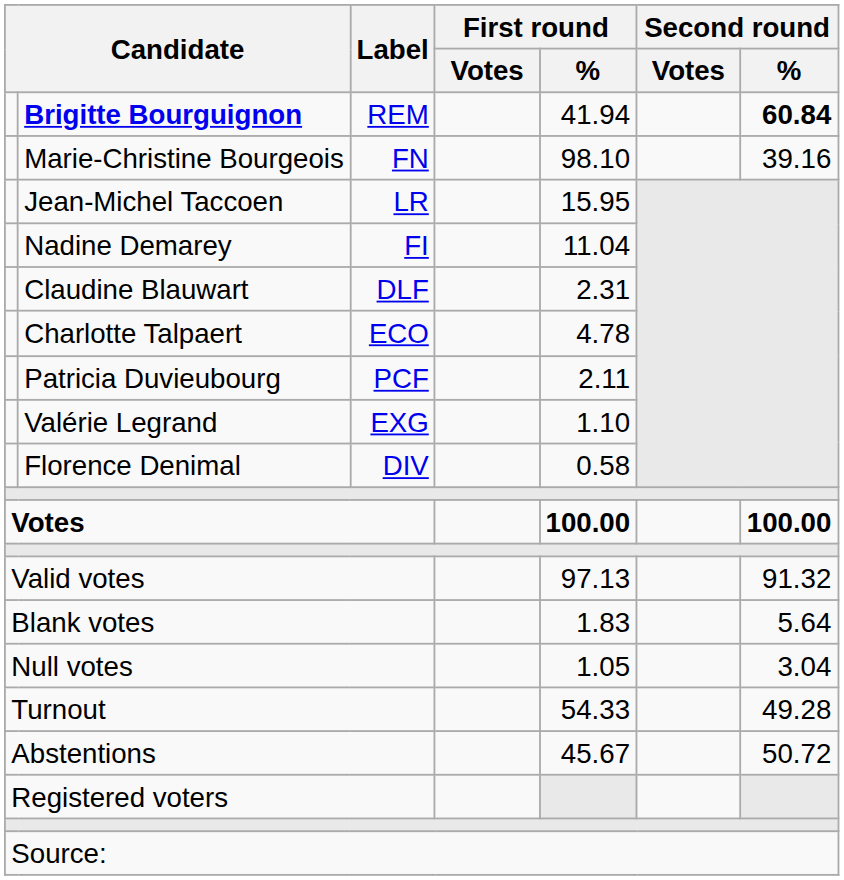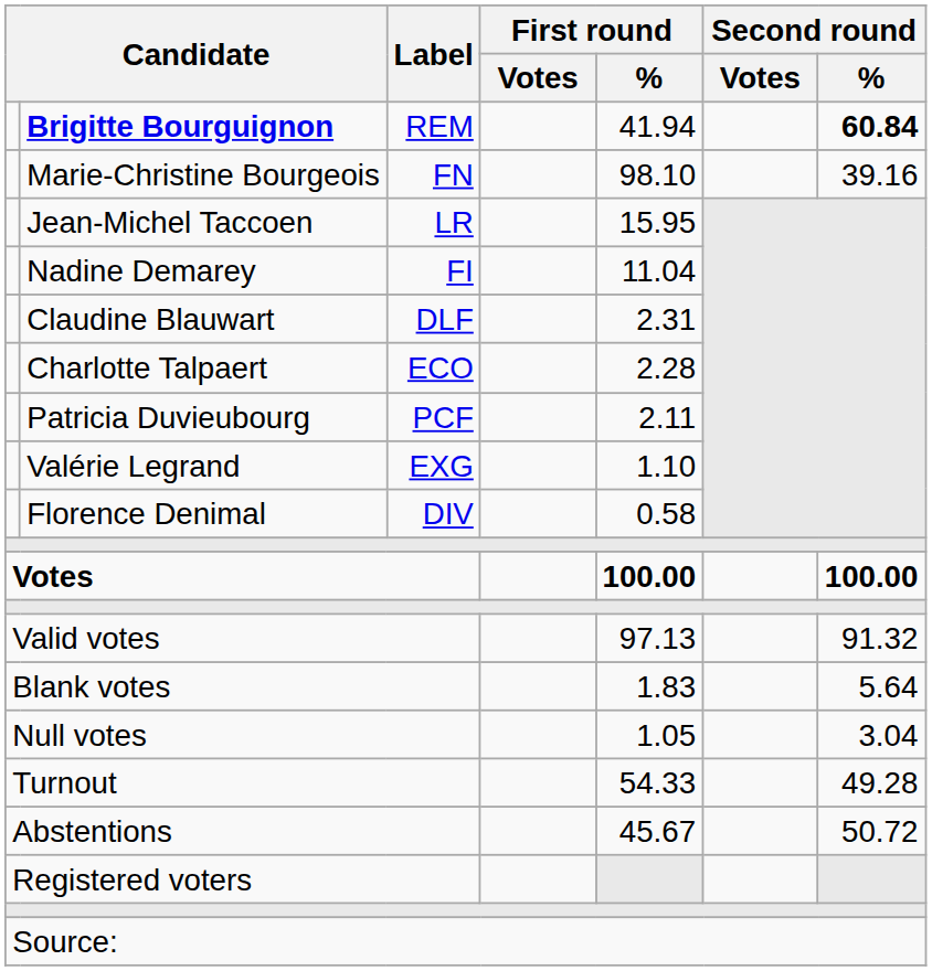 <table class="wikitable" style="text-align:right;font-size:95%;">
 <tr>
 <th rowspan="2" colspan="2">Candidate</th>
 <th rowspan="2">Label</th>
 <th colspan="2">First round</th>
 <th colspan="2">Second round</th>
 </tr>
 <tr>
 <th style="width:50px;">Votes</th>
 <th style="width:45px;">%</th>
 <th style="width:50px;">Votes</th>
 <th style="width:45px;">%</th>
 </tr>
 <tr>
 <td style="color:inherit;background:"></td>
 <td style="text-align:left;"><strong><a href='#'>Brigitte Bourguignon</a></strong></td>
 <td><a href='#'>REM</a></td>
 <td></td>
 <td>41.94</td>
 <td><strong></strong></td>
 <td><strong>60.84</strong></td>
 </tr>
 <tr>
 <td style="color:inherit;background:"></td>
 <td style="text-align:left;">Marie-Christine Bourgeois</td>
 <td><a href='#'>FN</a></td>
 <td></td>
 <td>98.10</td>
 <td></td>
 <td>39.16</td>
 </tr>
 <tr>
 <td style="color:inherit;background:"></td>
 <td style="text-align:left;">Jean-Michel Taccoen</td>
 <td><a href='#'>LR</a></td>
 <td></td>
 <td>15.95</td>
 <td colspan="2" rowspan="7" style="background:#E9E9E9;"></td>
 </tr>
 <tr>
 <td style="color:inherit;background:"></td>
 <td style="text-align:left;">Nadine Demarey</td>
 <td><a href='#'>FI</a></td>
 <td></td>
 <td>11.04</td>
 </tr>
 <tr>
 <td style="color:inherit;background:"></td>
 <td style="text-align:left;">Claudine Blauwart</td>
 <td><a href='#'>DLF</a></td>
 <td></td>
 <td>2.31</td>
 </tr>
 <tr>
 <td style="color:inherit;background:"></td>
 <td style="text-align:left;">Charlotte Talpaert</td>
 <td><a href='#'>ECO</a></td>
 <td></td>
-<td>4.78</td>
+<td>2.28</td>
 </tr>
 <tr>
 <td style="color:inherit;background:"></td>
 <td style="text-align:left;">Patricia Duvieubourg</td>
 <td><a href='#'>PCF</a></td>
 <td></td>
 <td>2.11</td>
 </tr>
 <tr>
 <td style="color:inherit;background:"></td>
 <td style="text-align:left;">Valérie Legrand</td>
 <td><a href='#'>EXG</a></td>
 <td></td>
 <td>1.10</td>
 </tr>
 <tr>
 <td style="color:inherit;background:"></td>
 <td style="text-align:left;">Florence Denimal</td>
 <td><a href='#'>DIV</a></td>
 <td></td>
 <td>0.58</td>
 </tr>
 <tr>
 <td colspan="7" style="background:#E9E9E9;"></td>
 </tr>
 <tr style="font-weight:bold;">
 <td colspan="3" style="text-align:left;">Votes</td>
 <td></td>
 <td>100.00</td>
 <td></td>
 <td>100.00</td>
 </tr>
 <tr>
 <td colspan="7" style="background:#E9E9E9;"></td>
 </tr>
 <tr>
 <td colspan="3" style="text-align:left;">Valid votes</td>
 <td></td>
 <td>97.13</td>
 <td></td>
 <td>91.32</td>
 </tr>
 <tr>
 <td colspan="3" style="text-align:left;">Blank votes</td>
 <td></td>
 <td>1.83</td>
 <td></td>
 <td>5.64</td>
 </tr>
 <tr>
 <td colspan="3" style="text-align:left;">Null votes</td>
 <td></td>
 <td>1.05</td>
 <td></td>
 <td>3.04</td>
 </tr>
 <tr>
 <td colspan="3" style="text-align:left;">Turnout</td>
 <td></td>
 <td>54.33</td>
 <td></td>
 <td>49.28</td>
 </tr>
 <tr>
 <td colspan="3" style="text-align:left;">Abstentions</td>
 <td></td>
 <td>45.67</td>
 <td></td>
 <td>50.72</td>
 </tr>
 <tr>
 <td colspan="3" style="text-align:left;">Registered voters</td>
 <td></td>
 <td style="background:#E9E9E9;"></td>
 <td></td>
 <td style="background:#E9E9E9;"></td>
 </tr>
 <tr>
 <td colspan="7" style="background:#E9E9E9;"></td>
 </tr>
 <tr>
 <td colspan="7" style="text-align:left;">Source: </td>
 </tr>
 </table>
